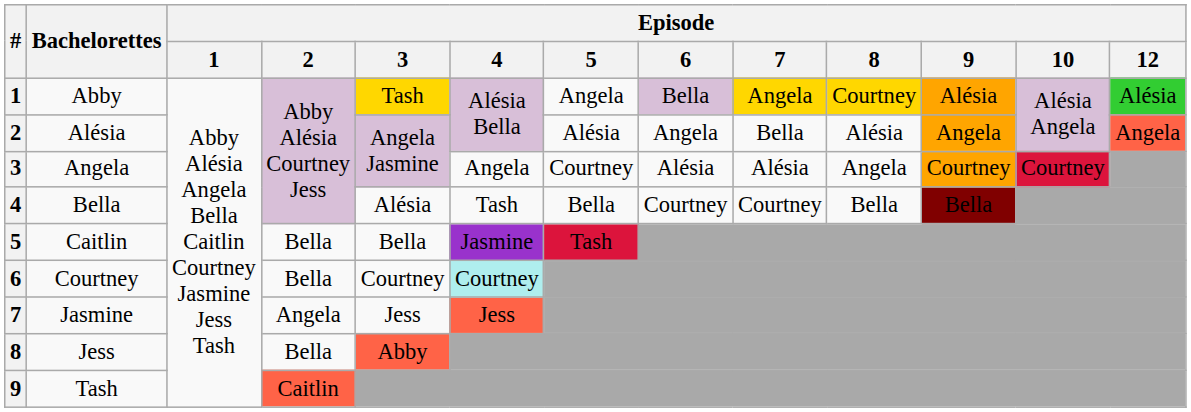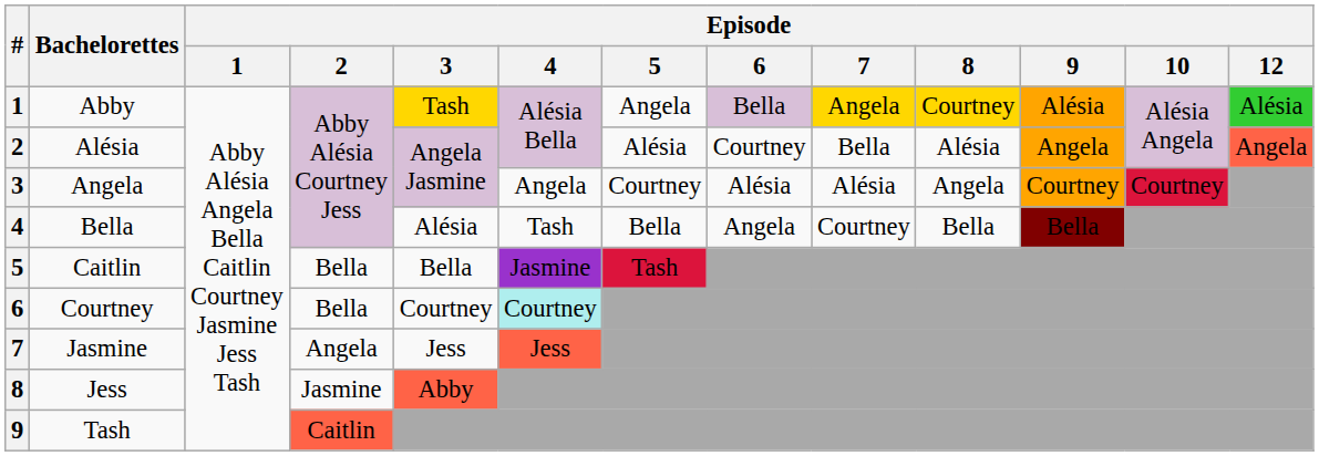 <table class="wikitable" style="text-align:center; font-size:92%">
 <tr>
 <th rowspan="2">#</th>
 <th rowspan="2">Bachelorettes</th>
 <th colspan="11">Episode</th>
 </tr>
 <tr>
 <th>1</th>
 <th>2</th>
 <th>3</th>
 <th>4</th>
 <th>5</th>
 <th>6</th>
 <th>7</th>
 <th>8</th>
 <th>9</th>
 <th>10</th>
 <th>12</th>
 </tr>
 <tr>
 <th>1</th>
 <td>Abby</td>
 <td rowspan="9">Abby<br>Alésia<br>Angela<br>Bella<br>Caitlin<br>Courtney<br>Jasmine<br>Jess<br>Tash</td>
 <td rowspan="4" bgcolor="thistle">Abby<br>Alésia<br>Courtney<br>Jess</td>
 <td bgcolor="gold">Tash</td>
 <td rowspan="2" bgcolor="thistle">Alésia<br>Bella</td>
 <td>Angela</td>
 <td bgcolor="thistle">Bella</td>
 <td bgcolor="gold">Angela</td>
 <td bgcolor="gold">Courtney</td>
 <td bgcolor="orange">Alésia</td>
 <td rowspan="2" bgcolor="thistle">Alésia<br>Angela</td>
 <td bgcolor="limegreen">Alésia</td>
 </tr>
 <tr>
 <th>2</th>
 <td>Alésia</td>
 <td rowspan="2" bgcolor="thistle">Angela<br>Jasmine</td>
 <td>Alésia</td>
-<td>Angela</td>
+<td>Courtney</td>
 <td>Bella</td>
 <td>Alésia</td>
 <td bgcolor="orange">Angela</td>
 <td bgcolor="tomato">Angela</td>
 </tr>
 <tr>
 <th>3</th>
 <td>Angela</td>
 <td>Angela</td>
 <td>Courtney</td>
 <td>Alésia</td>
 <td>Alésia</td>
 <td>Angela</td>
 <td bgcolor="orange">Courtney</td>
 <td style="background:crimson;"><span>Courtney</span></td>
 <td bgcolor="darkgrey"></td>
 </tr>
 <tr>
 <th>4</th>
 <td>Bella</td>
 <td>Alésia</td>
 <td>Tash</td>
 <td>Bella</td>
-<td>Courtney</td>
+<td>Angela</td>
 <td>Courtney</td>
 <td>Bella</td>
 <td bgcolor="maroon"><span>Bella</span></td>
 <td colspan="2" bgcolor="darkgrey"></td>
 </tr>
 <tr>
 <th>5</th>
 <td>Caitlin</td>
 <td>Bella</td>
 <td>Bella</td>
 <td bgcolor="darkorchid"><span>Jasmine</span></td>
 <td style="background:crimson;"><span>Tash</span></td>
 <td colspan="6" bgcolor="darkgrey"></td>
 </tr>
 <tr>
 <th>6</th>
 <td>Courtney</td>
 <td>Bella</td>
 <td>Courtney</td>
 <td style="background: paleturquoise;">Courtney</td>
 <td colspan="7" bgcolor="darkgrey"></td>
 </tr>
 <tr>
 <th>7</th>
 <td>Jasmine</td>
 <td>Angela</td>
 <td>Jess</td>
 <td bgcolor="tomato">Jess</td>
 <td colspan="7" bgcolor="darkgrey"></td>
 </tr>
 <tr>
 <th>8</th>
 <td>Jess</td>
-<td>Bella</td>
+<td>Jasmine</td>
 <td bgcolor="tomato">Abby</td>
 <td colspan="8" bgcolor="darkgrey"></td>
 </tr>
 <tr>
 <th>9</th>
 <td>Tash</td>
 <td bgcolor="tomato">Caitlin</td>
 <td colspan="9" bgcolor="darkgrey"></td>
 </tr>
 </table>
